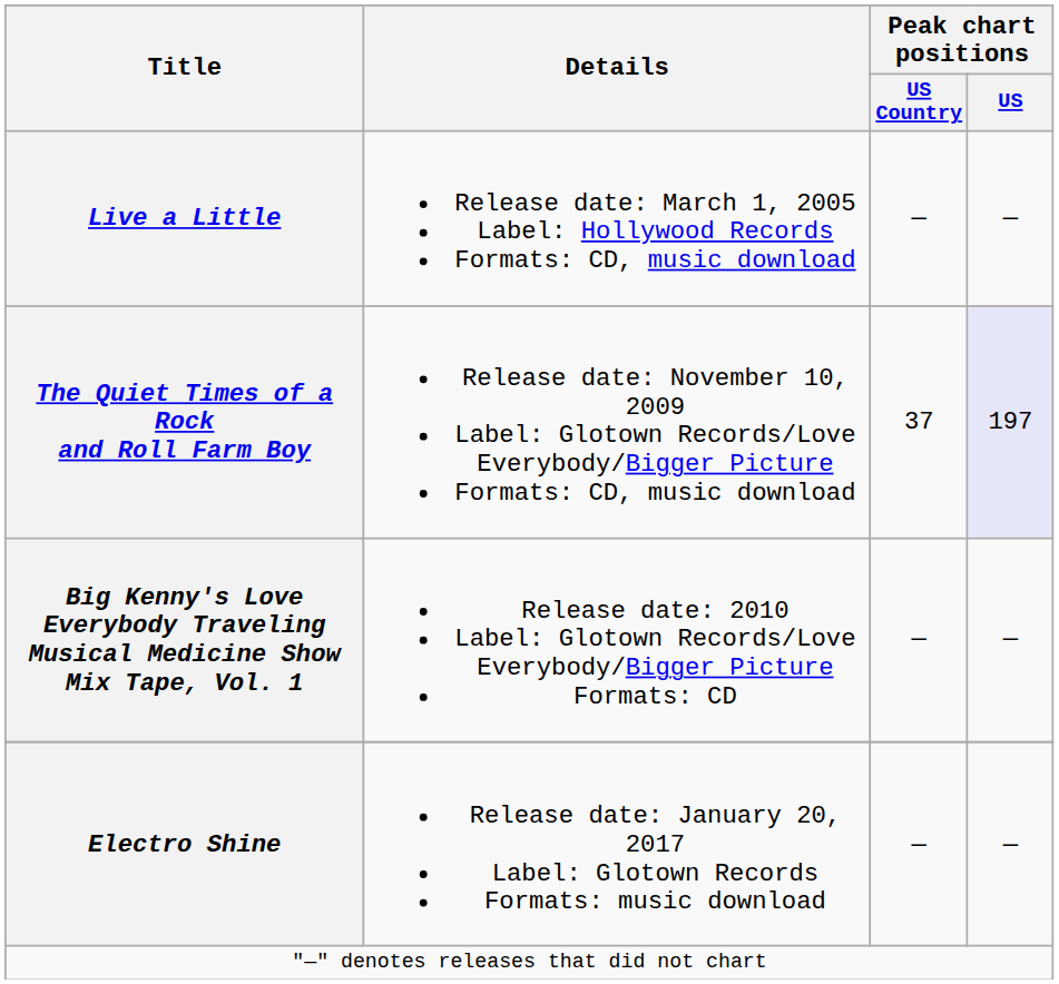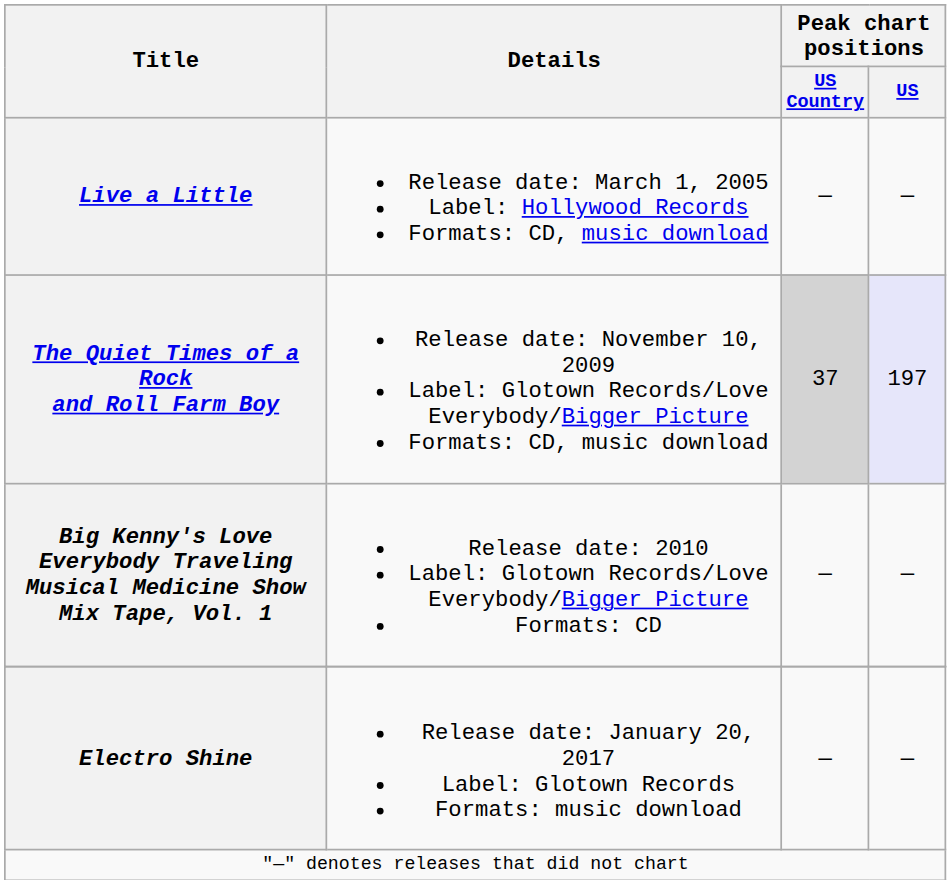 <table class="wikitable plainrowheaders" style="text-align:center;">
 <tr>
 <th rowspan="2" style="width:14em;">Title</th>
 <th rowspan="2" style="width:20em;">Details</th>
 <th colspan="2">Peak chart<br>positions</th>
 </tr>
 <tr style="font-size:smaller;">
 <th style="width:40px;"><a href='#'>US Country</a><br></th>
 <th style="width:40px;"><a href='#'>US</a><br></th>
 </tr>
 <tr>
 <th scope="row"><em><a href='#'>Live a Little</a></em></th>
 <td><br><ul><li>Release date: March 1, 2005</li><li>Label: <a href='#'>Hollywood Records</a></li><li>Formats: CD, <a href='#'>music download</a></li></ul></td>
 <td>—</td>
 <td>—</td>
 </tr>
 <tr>
 <th scope="row"><em><a href='#'>The Quiet Times of a Rock<br>and Roll Farm Boy</a></em></th>
 <td><br><ul><li>Release date: November 10, 2009</li><li>Label: Glotown Records/Love Everybody/<a href='#'>Bigger Picture</a></li><li>Formats: CD, music download</li></ul></td>
-<td>37</td>
+<td style="background: lightgrey;">37</td>
 <td style="background: lavender;">197</td>
 </tr>
 <tr>
 <th scope="row"><em>Big Kenny's Love Everybody Traveling Musical Medicine Show Mix Tape, Vol. 1</em></th>
 <td><br><ul><li>Release date: 2010</li><li>Label: Glotown Records/Love Everybody/<a href='#'>Bigger Picture</a></li><li>Formats: CD</li></ul></td>
 <td>—</td>
 <td>—</td>
 </tr>
 <tr>
 </tr>
 <tr>
 <th scope="row"><em>Electro Shine</em></th>
 <td><br><ul><li>Release date: January 20, 2017</li><li>Label: Glotown Records</li><li>Formats: music download</li></ul></td>
 <td>—</td>
 <td>—</td>
 </tr>
 <tr>
 <td colspan="10" style="font-size:8pt">"—" denotes releases that did not chart</td>
 </tr>
 </table>
